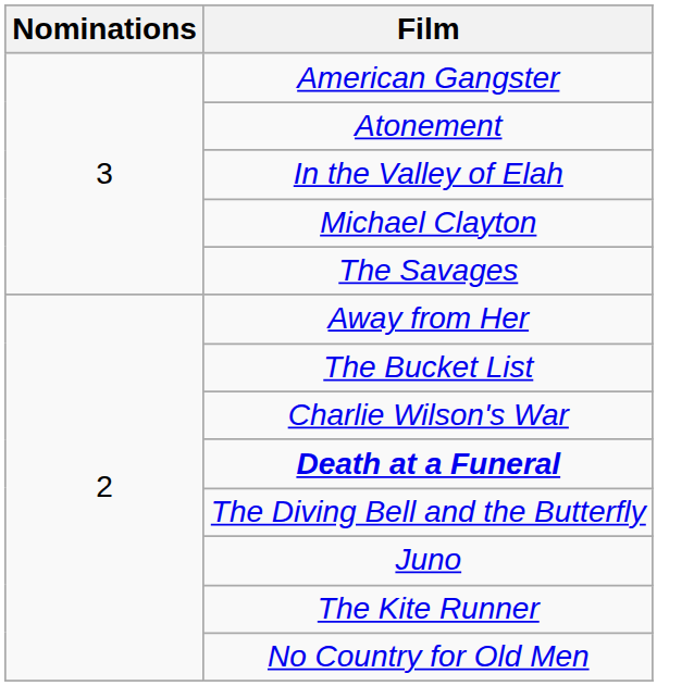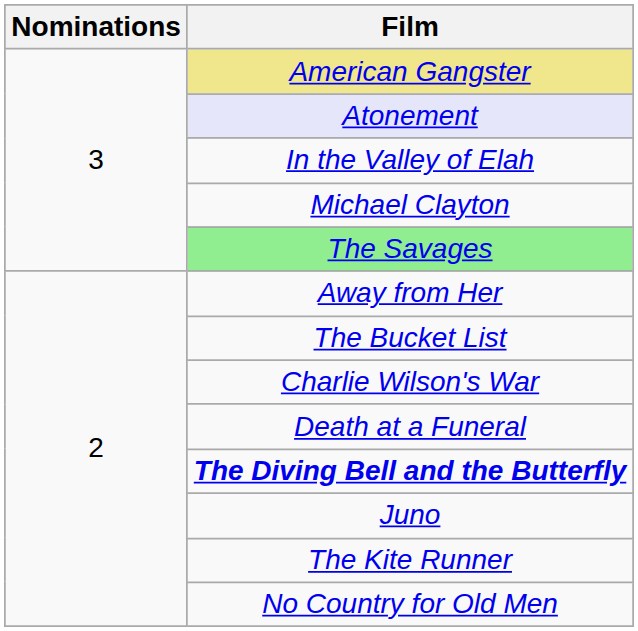 <table class="wikitable plainrowheaders" style="text-align:center;">
 <tr>
 <th scope="col" style="width:55px;">Nominations</th>
 <th scope="col" style="text-align:center;">Film</th>
 </tr>
 <tr>
 <td scope=row rowspan=5 style="text-align:center;">3</td>
-<td><em><a href='#'>American Gangster</a></em></td>
+<td style="background: khaki;"><em><a href='#'>American Gangster</a></em></td>
 </tr>
 <tr>
-<td><em><a href='#'>Atonement</a></em></td>
+<td style="background: lavender;"><em><a href='#'>Atonement</a></em></td>
 </tr>
 <tr>
 <td><em><a href='#'>In the Valley of Elah</a></em></td>
 </tr>
 <tr>
 <td><em><a href='#'>Michael Clayton</a></em></td>
 </tr>
 <tr>
-<td><em><a href='#'>The Savages</a></em></td>
+<td style="background: lightgreen;"><em><a href='#'>The Savages</a></em></td>
 </tr>
 <tr>
 <td scope=row rowspan=8 style="text-align:center;">2</td>
 <td><em><a href='#'>Away from Her</a></em></td>
 </tr>
 <tr>
 <td><em><a href='#'>The Bucket List</a></em></td>
 </tr>
 <tr>
 <td><em><a href='#'>Charlie Wilson's War</a></em></td>
 </tr>
 <tr>
-<td><strong><em><a href='#'>Death at a Funeral</a></em></strong></td>
+<td><em><a href='#'>Death at a Funeral</a></em></td>
 </tr>
 <tr>
-<td><em><a href='#'>The Diving Bell and the Butterfly</a></em></td>
+<td><strong><em><a href='#'>The Diving Bell and the Butterfly</a></em></strong></td>
 </tr>
 <tr>
 <td><em><a href='#'>Juno</a></em></td>
 </tr>
 <tr>
 <td><em><a href='#'>The Kite Runner</a></em></td>
 </tr>
 <tr>
 <td><em><a href='#'>No Country for Old Men</a></em></td>
 </tr>
 </table>
